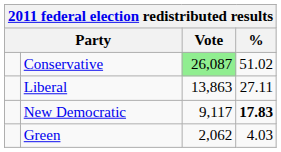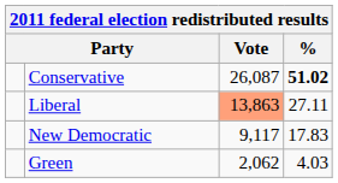 <table class="wikitable">
 <tr>
 <th colspan="4"><a href='#'>2011 federal election</a> redistributed results</th>
 </tr>
 <tr>
 <th bgcolor="#DDDDFF" width="130px" colspan="2">Party</th>
 <th bgcolor="#DDDDFF" width="50px">Vote</th>
 <th bgcolor="#DDDDFF" width="30px">%</th>
 </tr>
 <tr>
 <td> </td>
 <td><a href='#'>Conservative</a></td>
-<td align=right style="background: lightgreen;">26,087</td>
-<td align=right>51.02</td>
+<td align=right>26,087</td>
+<td align=right><strong>51.02</strong></td>
 </tr>
 <tr>
 <td> </td>
 <td><a href='#'>Liberal</a></td>
-<td align=right>13,863</td>
+<td align=right style="background: lightsalmon;">13,863</td>
 <td align=right>27.11</td>
 </tr>
 <tr>
 <td> </td>
 <td><a href='#'>New Democratic</a></td>
 <td align=right>9,117</td>
-<td align=right><strong>17.83</strong></td>
+<td align=right>17.83</td>
 </tr>
 <tr>
 <td> </td>
 <td><a href='#'>Green</a></td>
 <td align=right>2,062</td>
 <td align=right>4.03</td>
 </tr>
 </table>
